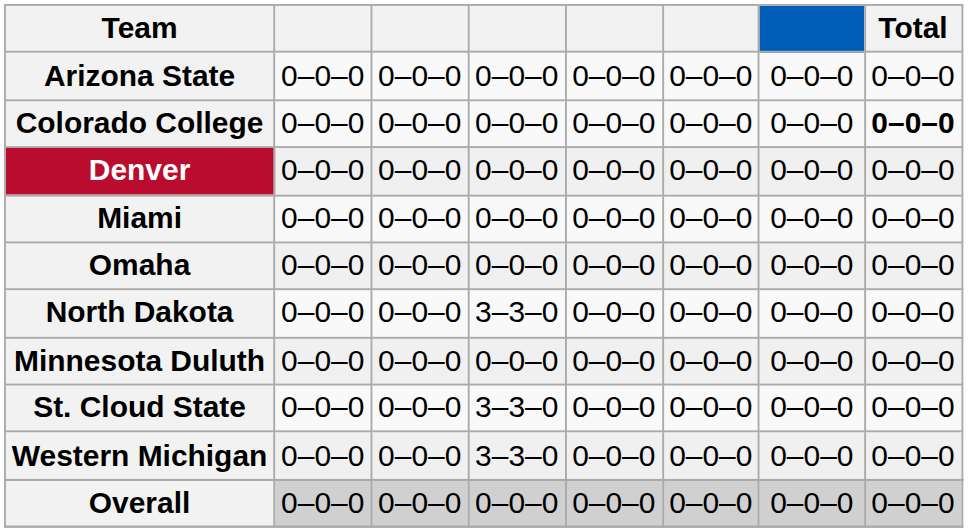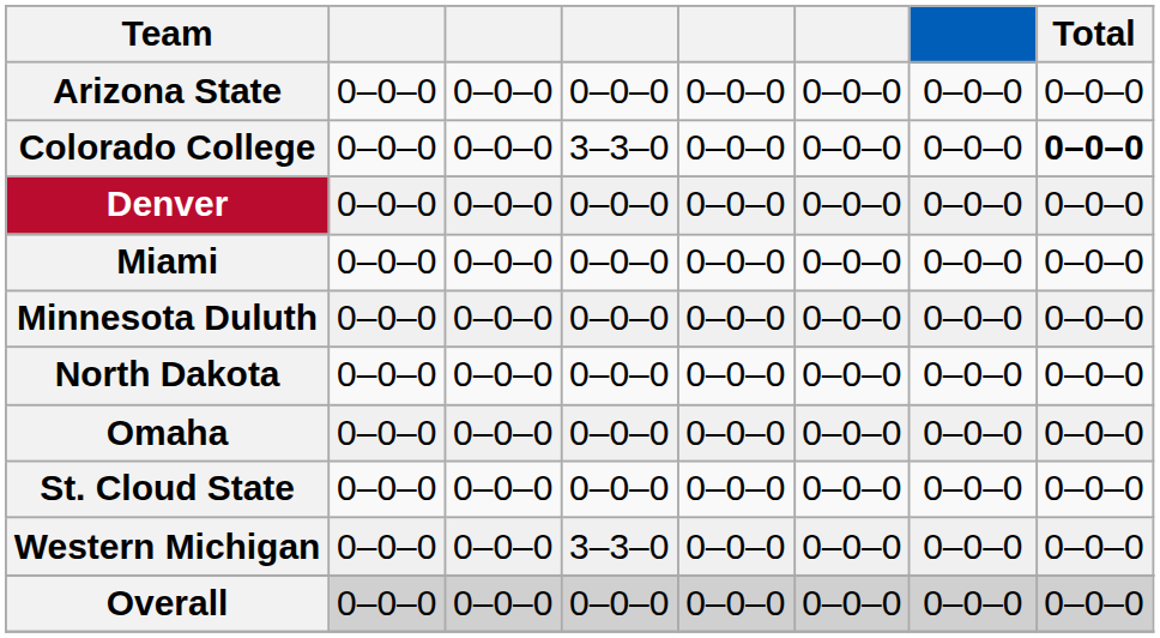 <table class="wikitable" style="text-align: center;">
 <tr>
 <th>Team</th>
 <th><a href='#'></a></th>
 <th><a href='#'></a></th>
 <th><a href='#'></a></th>
 <th><a href='#'></a></th>
 <th><a href='#'></a></th>
 <th style="color:white; background:#005EB8"; width=11%><a href='#'></a></th>
 <th>Total</th>
 </tr>
 <tr>
 <th>Arizona State</th>
 <td>0–0–0</td>
 <td>0–0–0</td>
 <td>0–0–0</td>
 <td>0–0–0</td>
 <td>0–0–0</td>
 <td>0–0–0</td>
 <td>0–0–0</td>
 </tr>
 <tr>
 <th>Colorado College</th>
 <td>0–0–0</td>
 <td>0–0–0</td>
-<td>0–0–0</td>
+<td>3–3–0</td>
 <td>0–0–0</td>
 <td>0–0–0</td>
 <td>0–0–0</td>
 <td><strong>0–0–0</strong></td>
 </tr>
 <tr bgcolor=f0f0f0>
 <th style="color:white; background:#BA0C2F; ">Denver</th>
 <td>0–0–0</td>
 <td>0–0–0</td>
 <td>0–0–0</td>
 <td>0–0–0</td>
 <td>0–0–0</td>
 <td>0–0–0</td>
 <td>0–0–0</td>
 </tr>
 <tr>
 <th>Miami</th>
 <td>0–0–0</td>
 <td>0–0–0</td>
 <td>0–0–0</td>
 <td>0–0–0</td>
 <td>0–0–0</td>
 <td>0–0–0</td>
 <td>0–0–0</td>
 </tr>
 <tr bgcolor=f0f0f0>
-<th>Omaha</th>
+<th>Minnesota Duluth</th>
 <td>0–0–0</td>
 <td>0–0–0</td>
 <td>0–0–0</td>
 <td>0–0–0</td>
 <td>0–0–0</td>
 <td>0–0–0</td>
 <td>0–0–0</td>
 </tr>
 <tr>
 <th>North Dakota</th>
 <td>0–0–0</td>
 <td>0–0–0</td>
-<td>3–3–0</td>
+<td>0–0–0</td>
 <td>0–0–0</td>
 <td>0–0–0</td>
 <td>0–0–0</td>
 <td>0–0–0</td>
 </tr>
 <tr bgcolor=f0f0f0>
-<th>Minnesota Duluth</th>
+<th>Omaha</th>
 <td>0–0–0</td>
 <td>0–0–0</td>
 <td>0–0–0</td>
 <td>0–0–0</td>
 <td>0–0–0</td>
 <td>0–0–0</td>
 <td>0–0–0</td>
 </tr>
 <tr>
 <th>St. Cloud State</th>
 <td>0–0–0</td>
 <td>0–0–0</td>
-<td>3–3–0</td>
+<td>0–0–0</td>
 <td>0–0–0</td>
 <td>0–0–0</td>
 <td>0–0–0</td>
 <td>0–0–0</td>
 </tr>
 <tr bgcolor=f0f0f0>
 <th>Western Michigan</th>
 <td>0–0–0</td>
 <td>0–0–0</td>
 <td>3–3–0</td>
 <td>0–0–0</td>
 <td>0–0–0</td>
 <td>0–0–0</td>
 <td>0–0–0</td>
 </tr>
 <tr>
 </tr>
 <tr bgcolor=d0d0d0>
 <th>Overall</th>
 <td>0–0–0</td>
 <td>0–0–0</td>
 <td>0–0–0</td>
 <td>0–0–0</td>
 <td>0–0–0</td>
 <td>0–0–0</td>
 <td>0–0–0</td>
 </tr>
 <tr>
 </tr>
 </table>
